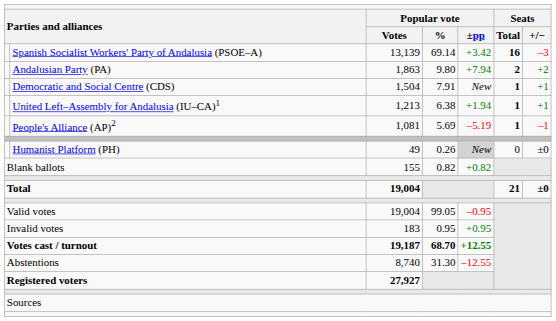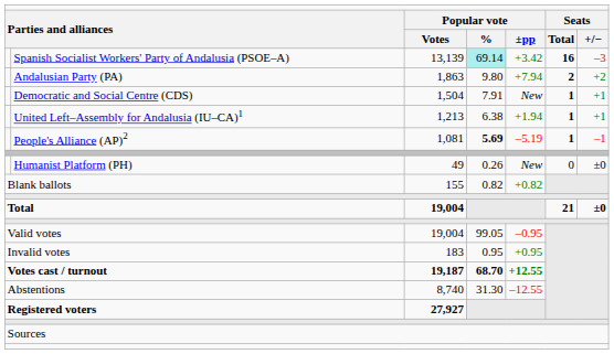 <table class="wikitable" style="text-align:right;">
 <tr>
 <td colspan="7"></td>
 </tr>
 <tr>
 <th style="text-align:left;" rowspan="2" colspan="2" width="525">Parties and alliances</th>
 <th colspan="3">Popular vote</th>
 <th colspan="2">Seats</th>
 </tr>
 <tr>
 <th width="75">Votes</th>
 <th width="45">%</th>
 <th width="45">±<a href='#'>pp</a></th>
 <th width="35">Total</th>
 <th width="35">+/−</th>
 </tr>
 <tr>
 <td width="1" style="color:inherit;background:"></td>
 <td align="left"><a href='#'>Spanish Socialist Workers' Party of Andalusia</a> (PSOE–A)</td>
 <td>13,139</td>
-<td>69.14</td>
+<td style="background: paleturquoise;">69.14</td>
 <td style="color:green;">+3.42</td>
 <td><strong>16</strong></td>
 <td style="color:red;">–3</td>
 </tr>
 <tr>
 <td style="color:inherit;background:"></td>
 <td align="left"><a href='#'>Andalusian Party</a> (PA)</td>
 <td>1,863</td>
 <td>9.80</td>
 <td style="color:green;">+7.94</td>
 <td><strong>2</strong></td>
 <td style="color:green;">+2</td>
 </tr>
 <tr>
 <td style="color:inherit;background:"></td>
 <td align="left"><a href='#'>Democratic and Social Centre</a> (CDS)</td>
 <td>1,504</td>
 <td>7.91</td>
 <td><em>New</em></td>
 <td><strong>1</strong></td>
 <td style="color:green;">+1</td>
 </tr>
 <tr>
 <td style="color:inherit;background:"></td>
 <td align="left"><a href='#'>United Left–Assembly for Andalusia</a> (IU–CA)<sup>1</sup></td>
 <td>1,213</td>
 <td>6.38</td>
 <td style="color:green;">+1.94</td>
 <td><strong>1</strong></td>
 <td style="color:green;">+1</td>
 </tr>
 <tr>
 <td style="color:inherit;background:"></td>
 <td align="left"><a href='#'>People's Alliance</a> (AP)<sup>2</sup></td>
 <td>1,081</td>
-<td>5.69</td>
+<td><strong>5.69</strong></td>
 <td style="color:red;">–5.19</td>
 <td><strong>1</strong></td>
 <td style="color:red;">–1</td>
 </tr>
 <tr>
 <td colspan="7" bgcolor="#C0C0C0"></td>
 </tr>
 <tr>
 <td style="color:inherit;background:"></td>
 <td align="left"><a href='#'>Humanist Platform</a> (PH)</td>
 <td>49</td>
 <td>0.26</td>
-<td style="background: lightgrey;"><em>New</em></td>
+<td><em>New</em></td>
 <td>0</td>
 <td>±0</td>
 </tr>
 <tr>
 <td align="left" colspan="2">Blank ballots</td>
 <td>155</td>
 <td>0.82</td>
 <td style="color:green;">+0.82</td>
 <td bgcolor="#E9E9E9" colspan="2"></td>
 </tr>
 <tr>
 <td colspan="7" bgcolor="#E9E9E9"></td>
 </tr>
 <tr style="font-weight:bold;">
 <td align="left" colspan="2">Total</td>
 <td>19,004</td>
 <td bgcolor="#E9E9E9" colspan="2"></td>
 <td>21</td>
 <td>±0</td>
 </tr>
 <tr>
 <td colspan="7" bgcolor="#E9E9E9"></td>
 </tr>
 <tr>
 <td align="left" colspan="2">Valid votes</td>
 <td>19,004</td>
 <td>99.05</td>
 <td style="color:red;">–0.95</td>
 <td bgcolor="#E9E9E9" colspan="2" rowspan="5"></td>
 </tr>
 <tr>
 <td align="left" colspan="2">Invalid votes</td>
 <td>183</td>
 <td>0.95</td>
 <td style="color:green;">+0.95</td>
 </tr>
 <tr style="font-weight:bold;">
 <td align="left" colspan="2">Votes cast / turnout</td>
 <td>19,187</td>
 <td>68.70</td>
 <td style="color:green;">+12.55</td>
 </tr>
 <tr>
 <td align="left" colspan="2">Abstentions</td>
 <td>8,740</td>
 <td>31.30</td>
 <td style="color:red;">–12.55</td>
 </tr>
 <tr style="font-weight:bold;">
 <td align="left" colspan="2">Registered voters</td>
 <td>27,927</td>
 <td bgcolor="#E9E9E9" colspan="2"></td>
 </tr>
 <tr>
 <td colspan="7" bgcolor="#E9E9E9"></td>
 </tr>
 <tr>
 <td align="left" colspan="7">Sources</td>
 </tr>
 <tr>
 <td colspan="7" style="text-align:left; max-width:790px;"></td>
 </tr>
 </table>
